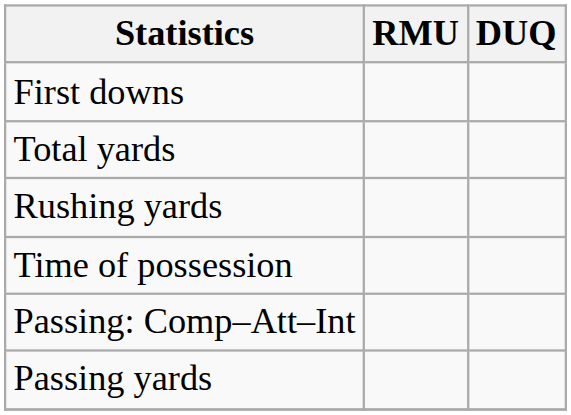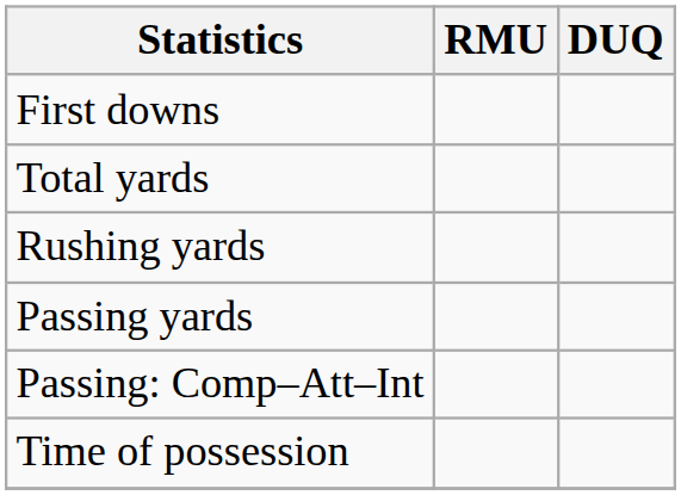 <table class="wikitable" style="float: left;">
 <tr>
 <th>Statistics</th>
 <th>RMU</th>
 <th>DUQ</th>
 </tr>
 <tr>
 <td>First downs</td>
 <td></td>
 <td></td>
 </tr>
 <tr>
 <td>Total yards</td>
 <td></td>
 <td></td>
 </tr>
 <tr>
 <td>Rushing yards</td>
 <td></td>
 <td></td>
 </tr>
 <tr>
-<td>Time of possession</td>
+<td>Passing yards</td>
 <td></td>
 <td></td>
 </tr>
 <tr>
 <td>Passing: Comp–Att–Int</td>
 <td></td>
 <td></td>
 </tr>
 <tr>
-<td>Passing yards</td>
+<td>Time of possession</td>
 <td></td>
 <td></td>
 </tr>
 <tr>
 </tr>
 </table>
